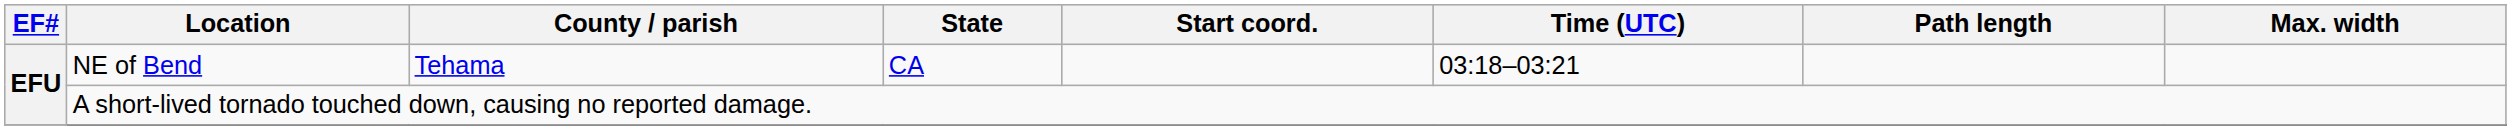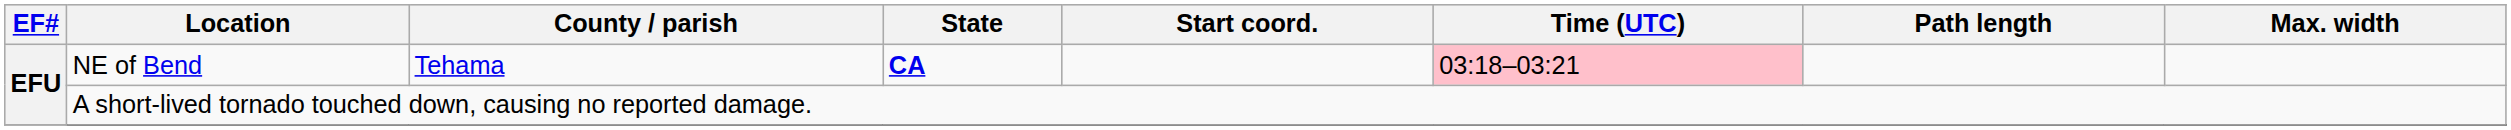 <table class="wikitable sortable" style="width:100%;">
 <tr>
 <th scope="col" width="2%" align="center"><a href='#'>EF#</a></th>
 <th scope="col" align="center" class="unsortable">Location</th>
 <th scope="col" align="center" class="unsortable">County / parish</th>
 <th scope="col" align="center">State</th>
 <th scope="col" align="center">Start coord.</th>
 <th scope="col" align="center">Time (<a href='#'>UTC</a>)</th>
 <th scope="col" align="center">Path length</th>
 <th scope="col" align="center">Max. width</th>
 </tr>
 <tr>
 <th scope="row" rowspan="2" style="background-color:#">EFU</th>
 <td>NE of <a href='#'>Bend</a></td>
 <td><a href='#'>Tehama</a></td>
-<td><a href='#'>CA</a></td>
+<td><strong><a href='#'>CA</a></strong></td>
 <td></td>
-<td>03:18–03:21</td>
+<td style="background: pink;">03:18–03:21</td>
 <td></td>
 <td></td>
 </tr>
 <tr class="expand-child">
 <td colspan="8" style=" border-bottom: 1px solid black;">A short-lived tornado touched down, causing no reported damage.</td>
 </tr>
 <tr>
 </tr>
 </table>
